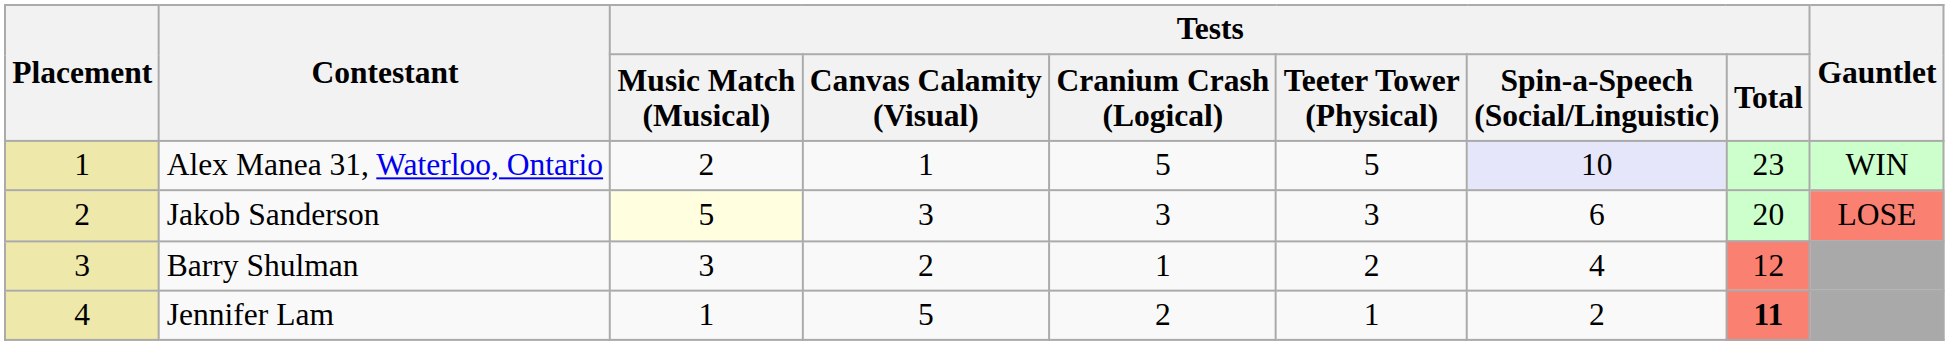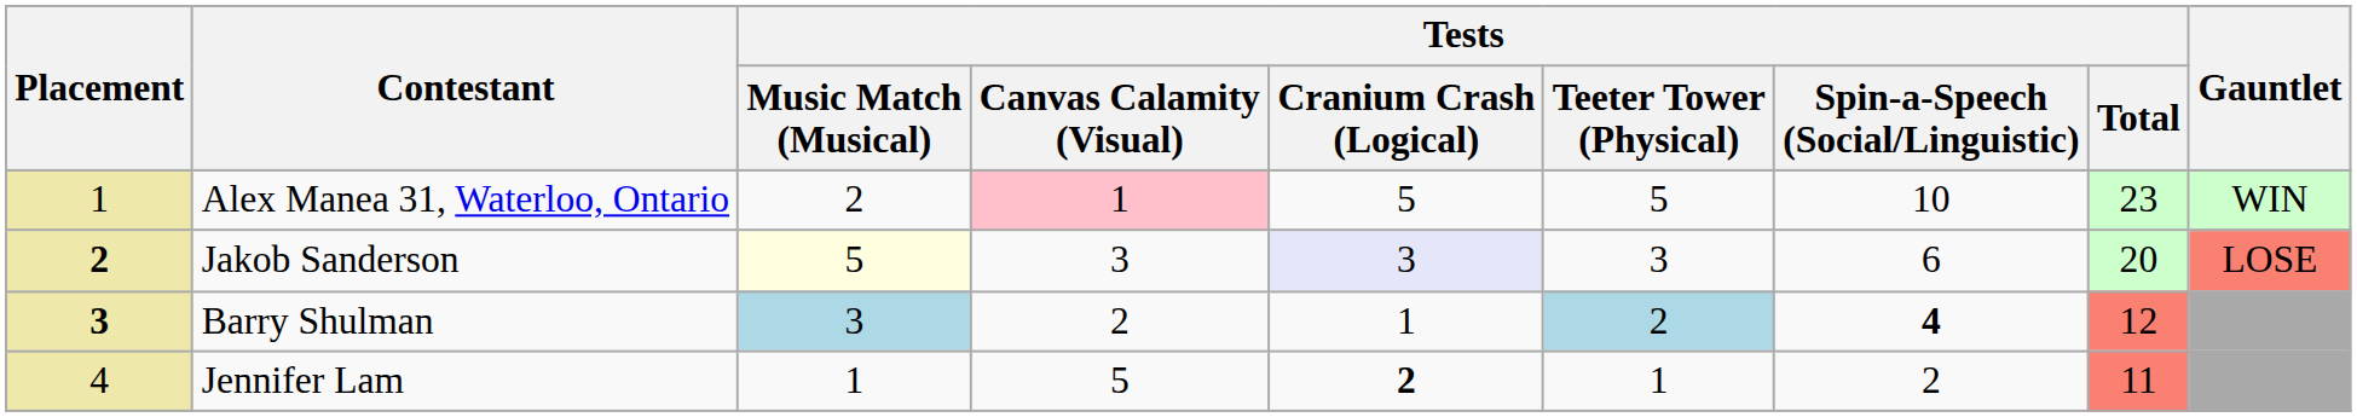 <table class="wikitable" style="text-align:center;">
 <tr>
 <th rowspan="2">Placement</th>
 <th rowspan="2">Contestant</th>
 <th colspan="6">Tests</th>
 <th rowspan="2">Gauntlet</th>
 </tr>
 <tr>
 <th>Music Match<br>(Musical)</th>
 <th>Canvas Calamity<br>(Visual)</th>
 <th>Cranium Crash<br>(Logical)</th>
 <th>Teeter Tower<br>(Physical)</th>
 <th>Spin-a-Speech<br>(Social/Linguistic)</th>
 <th>Total</th>
 </tr>
 <tr>
 <td bgcolor="palegoldenrod">1</td>
 <td align="left">Alex Manea 31, <a href='#'>Waterloo, Ontario</a></td>
 <td>2</td>
-<td>1</td>
+<td style="background: pink;">1</td>
 <td>5</td>
 <td>5</td>
-<td style="background: lavender;">10</td>
+<td>10</td>
 <td bgcolor="#cfc">23</td>
 <td bgcolor="#cfc">WIN</td>
 </tr>
 <tr>
-<td bgcolor="palegoldenrod">2</td>
+<td bgcolor="palegoldenrod"><strong>2</strong></td>
 <td align="left">Jakob Sanderson</td>
 <td style="background: lightyellow;">5</td>
 <td>3</td>
-<td>3</td>
+<td style="background: lavender;">3</td>
 <td>3</td>
 <td>6</td>
 <td bgcolor="#cfc">20</td>
 <td bgcolor="salmon">LOSE</td>
 </tr>
 <tr>
-<td bgcolor="palegoldenrod">3</td>
+<td bgcolor="palegoldenrod"><strong>3</strong></td>
 <td align="left">Barry Shulman</td>
-<td>3</td>
+<td style="background: lightblue;">3</td>
 <td>2</td>
 <td>1</td>
-<td>2</td>
-<td>4</td>
+<td style="background: lightblue;">2</td>
+<td><strong>4</strong></td>
 <td bgcolor="salmon">12</td>
 <td bgcolor="darkgrey"></td>
 </tr>
 <tr>
 <td bgcolor="palegoldenrod">4</td>
 <td align="left">Jennifer Lam</td>
 <td>1</td>
 <td>5</td>
-<td>2</td>
+<td><strong>2</strong></td>
 <td>1</td>
 <td>2</td>
-<td bgcolor="salmon"><strong>11</strong></td>
+<td bgcolor="salmon">11</td>
 <td bgcolor="darkgrey"></td>
 </tr>
 </table>
